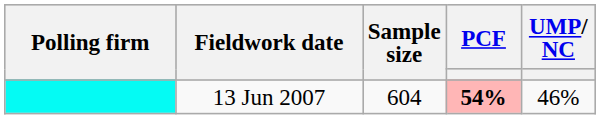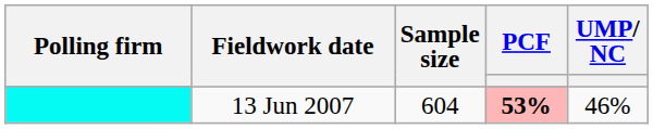 <table class="wikitable sortable" style="text-align:center;font-size:90%;line-height:14px;">
 <tr style="height:40px;">
 <th style="width:100px;" rowspan="2">Polling firm</th>
 <th style="width:110px;" rowspan="2">Fieldwork date</th>
 <th style="width:35px;" rowspan="2">Sample<br>size</th>
 <th class="unsortable" style="width:40px;"><a href='#'>PCF</a></th>
 <th class="unsortable" style="width:40px;"><a href='#'>UMP</a>/<br><a href='#'>NC</a></th>
 </tr>
 <tr>
 <th style="background:"></th>
 <th style="background:"></th>
 </tr>
 <tr>
 <td style="background:#04FBF4;"></td>
 <td data-sort-value="2007-06-13">13 Jun 2007</td>
 <td>604</td>
-<td style="background:#FFB6B6;"><strong>54%</strong></td>
+<td style="background:#FFB6B6;"><strong>53%</strong></td>
 <td>46%</td>
 </tr>
 </table>
